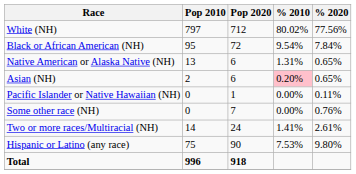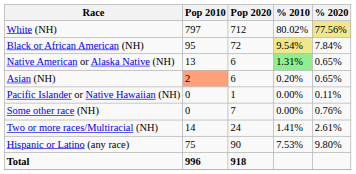 <table class="wikitable">
 <tr>
 <th>Race</th>
 <th>Pop 2010</th>
 <th>Pop 2020</th>
 <th>% 2010</th>
 <th>% 2020</th>
 </tr>
 <tr>
 <td><a href='#'>White</a> (NH)</td>
 <td>797</td>
 <td>712</td>
 <td>80.02%</td>
-<td>77.56%</td>
+<td style="background: khaki;">77.56%</td>
 </tr>
 <tr>
 <td><a href='#'>Black or African American</a> (NH)</td>
 <td>95</td>
 <td>72</td>
-<td>9.54%</td>
+<td style="background: khaki;">9.54%</td>
 <td>7.84%</td>
 </tr>
 <tr>
 <td><a href='#'>Native American</a> or <a href='#'>Alaska Native</a> (NH)</td>
 <td>13</td>
 <td>6</td>
-<td>1.31%</td>
+<td style="background: lightgreen;">1.31%</td>
 <td>0.65%</td>
 </tr>
 <tr>
 <td><a href='#'>Asian</a> (NH)</td>
-<td>2</td>
+<td style="background: lightsalmon;">2</td>
 <td>6</td>
-<td style="background: pink;">0.20%</td>
+<td>0.20%</td>
 <td>0.65%</td>
 </tr>
 <tr>
 <td><a href='#'>Pacific Islander</a> or <a href='#'>Native Hawaiian</a> (NH)</td>
 <td>0</td>
 <td>1</td>
 <td>0.00%</td>
 <td>0.11%</td>
 </tr>
 <tr>
 <td><a href='#'>Some other race</a> (NH)</td>
 <td>0</td>
 <td>7</td>
 <td>0.00%</td>
 <td>0.76%</td>
 </tr>
 <tr>
 <td><a href='#'>Two or more races/Multiracial</a> (NH)</td>
 <td>14</td>
 <td>24</td>
 <td>1.41%</td>
 <td>2.61%</td>
 </tr>
 <tr>
 <td><a href='#'>Hispanic or Latino</a> (any race)</td>
 <td>75</td>
 <td>90</td>
 <td>7.53%</td>
 <td>9.80%</td>
 </tr>
 <tr>
 <td><strong>Total</strong></td>
 <td><strong>996</strong></td>
 <td><strong>918</strong></td>
 <td></td>
 <td></td>
 </tr>
 <tr>
 </tr>
 </table>
